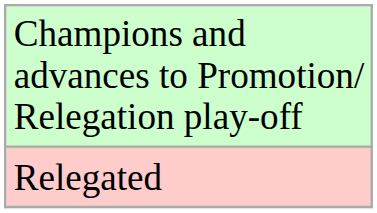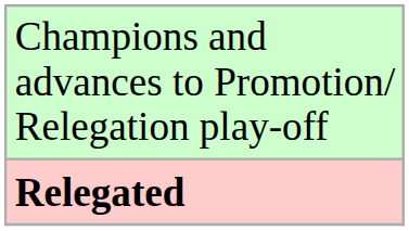 <table class="wikitable">
 <tr width=10px bgcolor="#ccffcc">
 <td>Champions and <br> advances to Promotion/<br> Relegation play-off</td>
 </tr>
 <tr width=10px bgcolor="#ffcccc">
-<td>Relegated</td>
+<td><strong>Relegated</strong></td>
 </tr>
 <tr>
 </tr>
 </table>
